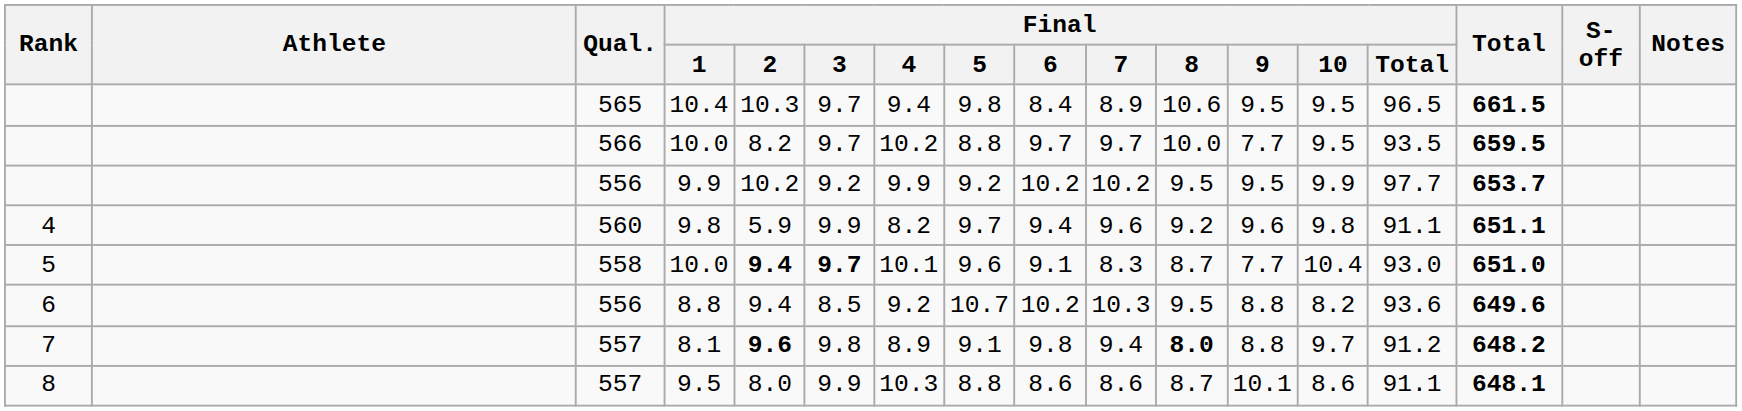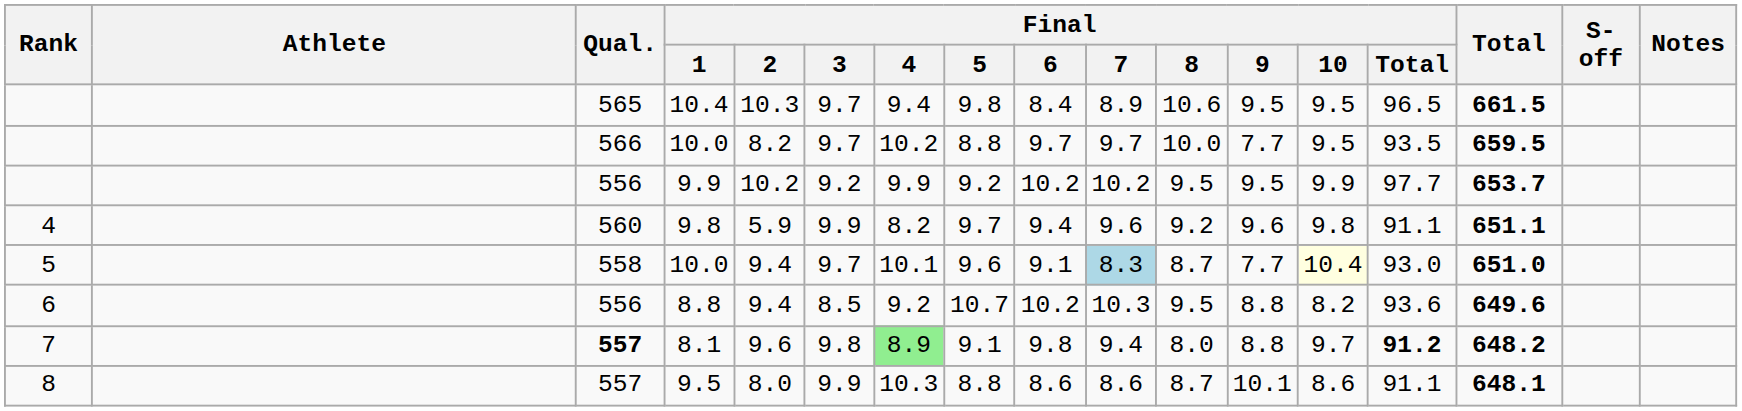 <table class="wikitable" style="text-align:center">
 <tr>
 <th rowspan=2 width=40>Rank</th>
 <th rowspan=2 width=250>Athlete</th>
 <th rowspan=2 width=40>Qual.</th>
 <th colspan=11>Final</th>
 <th rowspan=2 width=50>Total</th>
 <th rowspan=2 width=35>S-off</th>
 <th rowspan=2 width=45>Notes</th>
 </tr>
 <tr>
 <th width=30>1</th>
 <th width=30>2</th>
 <th width=30>3</th>
 <th width=30>4</th>
 <th width=30>5</th>
 <th width=30>6</th>
 <th width=30>7</th>
 <th width=30>8</th>
 <th width=30>9</th>
 <th width=30>10</th>
 <th width=40>Total</th>
 </tr>
 <tr>
 <td></td>
 <td align=left></td>
 <td>565</td>
 <td>10.4</td>
 <td>10.3</td>
 <td>9.7</td>
 <td>9.4</td>
 <td>9.8</td>
 <td>8.4</td>
 <td>8.9</td>
 <td>10.6</td>
 <td>9.5</td>
 <td>9.5</td>
 <td>96.5</td>
 <td><strong>661.5</strong></td>
 <td></td>
 <td></td>
 </tr>
 <tr>
 <td></td>
 <td align=left></td>
 <td>566</td>
 <td>10.0</td>
 <td>8.2</td>
 <td>9.7</td>
 <td>10.2</td>
 <td>8.8</td>
 <td>9.7</td>
 <td>9.7</td>
 <td>10.0</td>
 <td>7.7</td>
 <td>9.5</td>
 <td>93.5</td>
 <td><strong>659.5</strong></td>
 <td></td>
 <td></td>
 </tr>
 <tr>
 <td></td>
 <td align=left></td>
 <td>556</td>
 <td>9.9</td>
 <td>10.2</td>
 <td>9.2</td>
 <td>9.9</td>
 <td>9.2</td>
 <td>10.2</td>
 <td>10.2</td>
 <td>9.5</td>
 <td>9.5</td>
 <td>9.9</td>
 <td>97.7</td>
 <td><strong>653.7</strong></td>
 <td></td>
 <td></td>
 </tr>
 <tr>
 <td>4</td>
 <td align=left></td>
 <td>560</td>
 <td>9.8</td>
 <td>5.9</td>
 <td>9.9</td>
 <td>8.2</td>
 <td>9.7</td>
 <td>9.4</td>
 <td>9.6</td>
 <td>9.2</td>
 <td>9.6</td>
 <td>9.8</td>
 <td>91.1</td>
 <td><strong>651.1</strong></td>
 <td></td>
 <td></td>
 </tr>
 <tr>
 <td>5</td>
 <td align=left></td>
 <td>558</td>
 <td>10.0</td>
-<td><strong>9.4</strong></td>
-<td><strong>9.7</strong></td>
+<td>9.4</td>
+<td>9.7</td>
 <td>10.1</td>
 <td>9.6</td>
 <td>9.1</td>
-<td>8.3</td>
+<td style="background: lightblue;">8.3</td>
 <td>8.7</td>
 <td>7.7</td>
-<td>10.4</td>
+<td style="background: lightyellow;">10.4</td>
 <td>93.0</td>
 <td><strong>651.0</strong></td>
 <td></td>
 <td></td>
 </tr>
 <tr>
 <td>6</td>
 <td align=left></td>
 <td>556</td>
 <td>8.8</td>
 <td>9.4</td>
 <td>8.5</td>
 <td>9.2</td>
 <td>10.7</td>
 <td>10.2</td>
 <td>10.3</td>
 <td>9.5</td>
 <td>8.8</td>
 <td>8.2</td>
 <td>93.6</td>
 <td><strong>649.6</strong></td>
 <td></td>
 <td></td>
 </tr>
 <tr>
 <td>7</td>
 <td align=left></td>
-<td>557</td>
+<td><strong>557</strong></td>
 <td>8.1</td>
-<td><strong>9.6</strong></td>
+<td>9.6</td>
 <td>9.8</td>
-<td>8.9</td>
+<td style="background: lightgreen;">8.9</td>
 <td>9.1</td>
 <td>9.8</td>
 <td>9.4</td>
-<td><strong>8.0</strong></td>
+<td>8.0</td>
 <td>8.8</td>
 <td>9.7</td>
-<td>91.2</td>
+<td><strong>91.2</strong></td>
 <td><strong>648.2</strong></td>
 <td></td>
 <td></td>
 </tr>
 <tr>
 <td>8</td>
 <td align=left></td>
 <td>557</td>
 <td>9.5</td>
 <td>8.0</td>
 <td>9.9</td>
 <td>10.3</td>
 <td>8.8</td>
 <td>8.6</td>
 <td>8.6</td>
 <td>8.7</td>
 <td>10.1</td>
 <td>8.6</td>
 <td>91.1</td>
 <td><strong>648.1</strong></td>
 <td></td>
 <td></td>
 </tr>
 </table>
